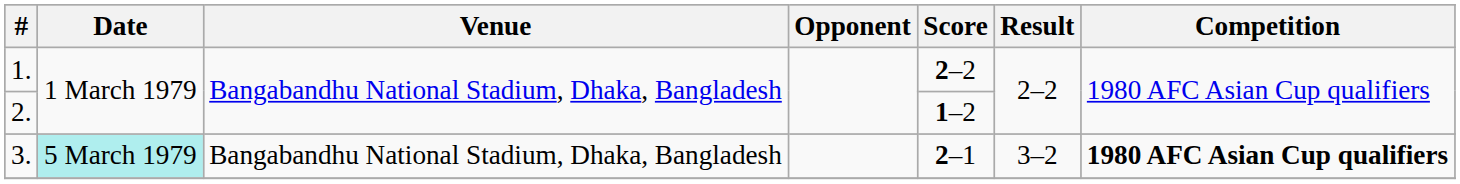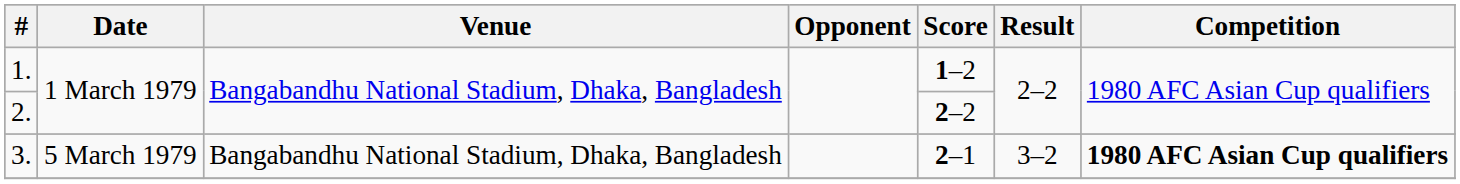 <table class="wikitable">
 <tr>
 <th>#</th>
 <th>Date</th>
 <th>Venue</th>
 <th>Opponent</th>
 <th>Score</th>
 <th>Result</th>
 <th>Competition</th>
 </tr>
 <tr>
 <td>1.</td>
 <td rowspan=2>1 March 1979</td>
 <td rowspan=2><a href='#'>Bangabandhu National Stadium</a>, <a href='#'>Dhaka</a>, <a href='#'>Bangladesh</a></td>
 <td rowspan=2></td>
-<td align=center><strong>2</strong>–2</td>
+<td align=center><strong>1</strong>–2</td>
 <td rowspan=2 align=center>2–2</td>
 <td rowspan=2><a href='#'>1980 AFC Asian Cup qualifiers</a></td>
 </tr>
 <tr>
 <td>2.</td>
-<td align=center><strong>1</strong>–2</td>
+<td align=center><strong>2</strong>–2</td>
 </tr>
 <tr>
 <td>3.</td>
-<td style="background: paleturquoise;">5 March 1979</td>
+<td>5 March 1979</td>
 <td>Bangabandhu National Stadium, Dhaka, Bangladesh</td>
 <td></td>
 <td align=center><strong>2</strong>–1</td>
 <td align=center>3–2</td>
 <td><strong>1980 AFC Asian Cup qualifiers</strong></td>
 </tr>
 <tr>
 </tr>
 </table>
